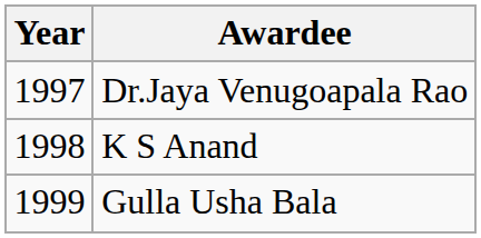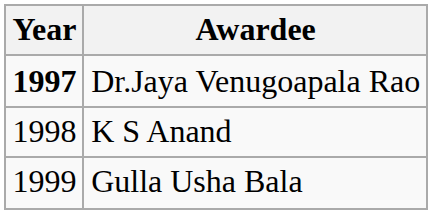 <table class="wikitable">
 <tr>
 <th>Year</th>
 <th>Awardee</th>
 </tr>
 <tr>
-<td>1997</td>
+<td><strong>1997</strong></td>
 <td>Dr.Jaya Venugoapala Rao</td>
 </tr>
 <tr>
 <td>1998</td>
 <td>K S Anand</td>
 </tr>
 <tr>
 <td>1999</td>
 <td>Gulla Usha Bala</td>
 </tr>
 </table>
